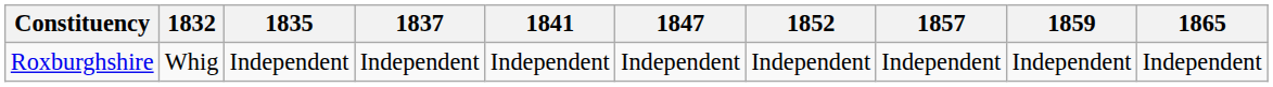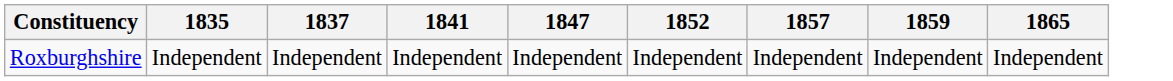 <table class=wikitable sortable>
 <tr>
 <th>Constituency</th>
-<th>1832</th>
 <th>1835</th>
 <th>1837</th>
 <th>1841</th>
 <th>1847</th>
 <th>1852</th>
 <th>1857</th>
 <th>1859</th>
 <th>1865</th>
 </tr>
 <tr>
 <td><a href='#'>Roxburghshire</a></td>
-<td>Whig</td>
 <td>Independent</td>
 <td>Independent</td>
 <td>Independent</td>
 <td>Independent</td>
 <td>Independent</td>
 <td>Independent</td>
 <td>Independent</td>
 <td>Independent</td>
 </tr>
 </table>
